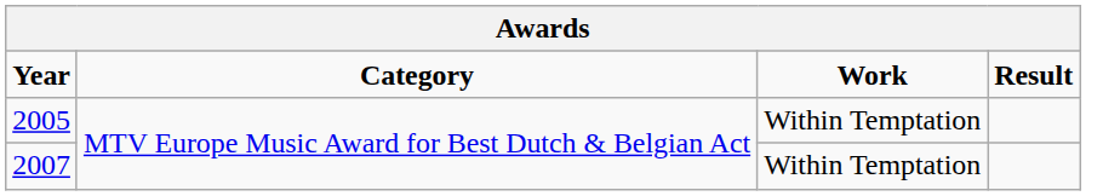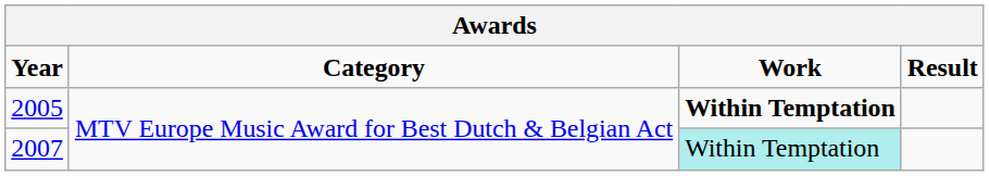 <table class="wikitable">
 <tr style="text-align:center;">
 <th colspan=5>Awards</th>
 </tr>
 <tr style="text-align:center;">
 <td><strong>Year</strong></td>
 <td><strong>Category</strong></td>
 <td><strong>Work</strong></td>
 <td><strong>Result</strong></td>
 </tr>
 <tr>
 <td><a href='#'>2005</a></td>
 <td rowspan="2"><a href='#'>MTV Europe Music Award for Best Dutch & Belgian Act</a></td>
-<td>Within Temptation</td>
+<td><strong>Within Temptation</strong></td>
 <td></td>
 </tr>
 <tr>
 <td><a href='#'>2007</a></td>
-<td>Within Temptation</td>
+<td style="background: paleturquoise;">Within Temptation</td>
 <td></td>
 </tr>
 </table>
